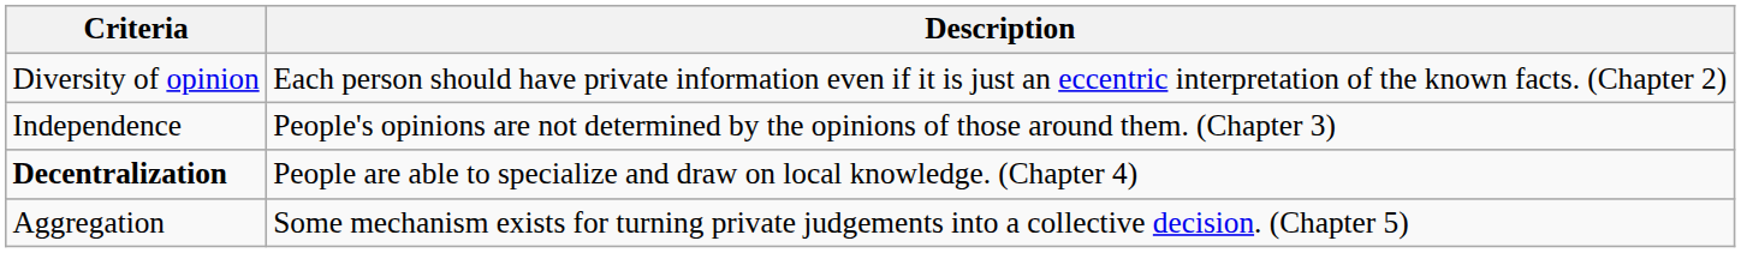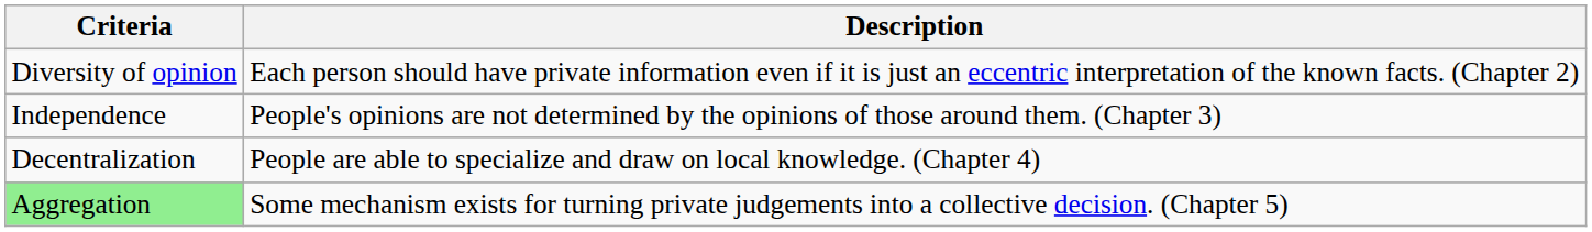 <table class="wikitable">
 <tr>
 <th>Criteria</th>
 <th>Description</th>
 </tr>
 <tr>
 <td>Diversity of <a href='#'>opinion</a></td>
 <td>Each person should have private information even if it is just an <a href='#'>eccentric</a> interpretation of the known facts. (Chapter 2)</td>
 </tr>
 <tr>
 <td>Independence</td>
 <td>People's opinions are not determined by the opinions of those around them. (Chapter 3)</td>
 </tr>
 <tr>
-<td><strong>Decentralization</strong></td>
+<td>Decentralization</td>
 <td>People are able to specialize and draw on local knowledge. (Chapter 4)</td>
 </tr>
 <tr>
-<td>Aggregation</td>
+<td style="background: lightgreen;">Aggregation</td>
 <td>Some mechanism exists for turning private judgements into a collective <a href='#'>decision</a>. (Chapter 5)</td>
 </tr>
 </table>
